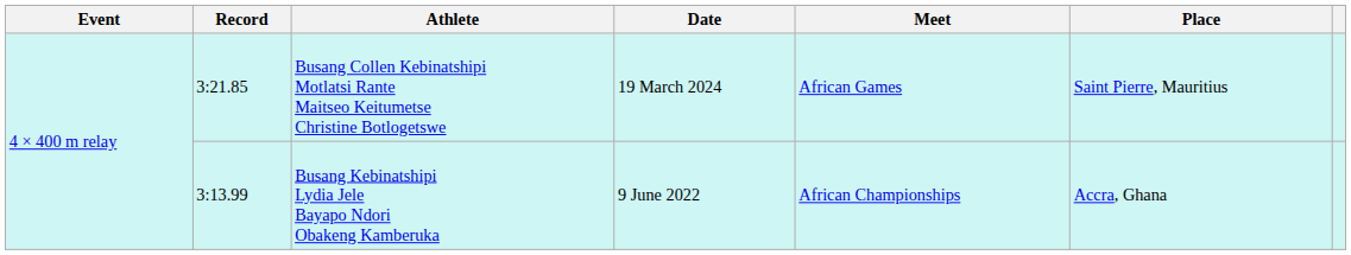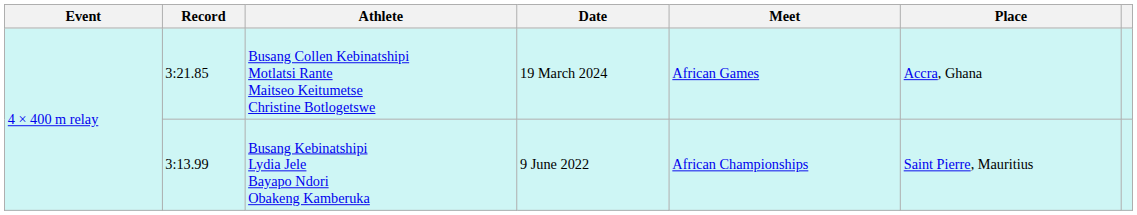 <table class="wikitable" style="font-size: 95%; width: 95%;">
 <tr>
 <th>Event</th>
 <th>Record</th>
 <th>Athlete</th>
 <th>Date</th>
 <th>Meet</th>
 <th>Place</th>
 <th></th>
 </tr>
 <tr bgcolor="#CEF6F5">
 <td rowspan=2><a href='#'>4 × 400 m relay</a></td>
 <td>3:21.85</td>
 <td><br><a href='#'>Busang Collen Kebinatshipi</a><br><a href='#'>Motlatsi Rante</a><br><a href='#'>Maitseo Keitumetse</a><br><a href='#'>Christine Botlogetswe</a></td>
 <td>19 March 2024</td>
 <td><a href='#'>African Games</a></td>
-<td><a href='#'>Saint Pierre</a>, Mauritius</td>
+<td><a href='#'>Accra</a>, Ghana</td>
 <td></td>
 </tr>
 <tr bgcolor=#CEF6F5>
 <td>3:13.99</td>
 <td><br><a href='#'>Busang Kebinatshipi</a><br><a href='#'>Lydia Jele</a><br><a href='#'>Bayapo Ndori</a><br><a href='#'>Obakeng Kamberuka</a></td>
 <td>9 June 2022</td>
 <td><a href='#'>African Championships</a></td>
-<td><a href='#'>Accra</a>, Ghana</td>
+<td><a href='#'>Saint Pierre</a>, Mauritius</td>
 <td></td>
 </tr>
 </table>
